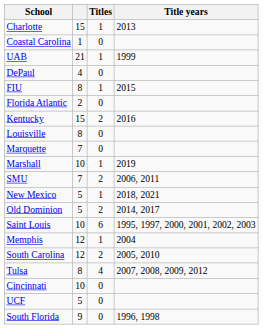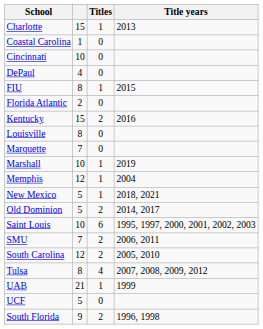 <table class="wikitable sortable">
 <tr align=center>
 <th align=left width=px>School</th>
 <th width=px></th>
 <th width=px>Titles</th>
 <th width=px>Title years</th>
 </tr>
 <tr align=center>
 <td align=left><a href='#'>Charlotte</a></td>
 <td>15</td>
 <td>1</td>
 <td align=left>2013</td>
 </tr>
 <tr align=center>
 <td align=left><a href='#'>Coastal Carolina</a></td>
 <td>1</td>
 <td>0</td>
 <td align=left></td>
 </tr>
 <tr align=center>
-<td align=left><a href='#'>UAB</a></td>
-<td>21</td>
-<td>1</td>
-<td align=left>1999</td>
+<td align=left><a href='#'>Cincinnati</a></td>
+<td>10</td>
+<td>0</td>
+<td align=left></td>
 </tr>
 <tr align=center>
 <td align=left><a href='#'>DePaul</a></td>
 <td>4</td>
 <td>0</td>
 <td align=left></td>
 </tr>
 <tr align=center>
 <td align=left><a href='#'>FIU</a></td>
 <td>8</td>
 <td>1</td>
 <td align=left>2015</td>
 </tr>
 <tr align=center>
 <td align=left><a href='#'>Florida Atlantic</a></td>
 <td>2</td>
 <td>0</td>
 <td align=left></td>
 </tr>
 <tr align=center>
 <td align=left><a href='#'>Kentucky</a></td>
 <td>15</td>
 <td>2</td>
 <td align=left>2016</td>
 </tr>
 <tr align=center>
 <td align=left><a href='#'>Louisville</a></td>
 <td>8</td>
 <td>0</td>
 <td align=left></td>
 </tr>
 <tr align=center>
 <td align=left><a href='#'>Marquette</a></td>
 <td>7</td>
 <td>0</td>
 <td align=left></td>
 </tr>
 <tr align=center>
 <td align=left><a href='#'>Marshall</a></td>
 <td>10</td>
 <td>1</td>
 <td align=left>2019</td>
 </tr>
 <tr align=center>
-<td align=left><a href='#'>SMU</a></td>
-<td>7</td>
-<td>2</td>
-<td align=left>2006, 2011</td>
+<td align=left><a href='#'>Memphis</a></td>
+<td>12</td>
+<td>1</td>
+<td align=left>2004</td>
 </tr>
 <tr align=center>
 <td align=left><a href='#'>New Mexico</a></td>
 <td>5</td>
 <td>1</td>
 <td align=left>2018, 2021</td>
 </tr>
 <tr align=center>
 <td align=left><a href='#'>Old Dominion</a></td>
 <td>5</td>
 <td>2</td>
 <td align=left>2014, 2017</td>
 </tr>
 <tr align=center>
 <td align=left><a href='#'>Saint Louis</a></td>
 <td>10</td>
 <td>6</td>
 <td align=left>1995, 1997, 2000, 2001, 2002, 2003</td>
 </tr>
 <tr align=center>
-<td align=left><a href='#'>Memphis</a></td>
-<td>12</td>
-<td>1</td>
-<td align=left>2004</td>
+<td align=left><a href='#'>SMU</a></td>
+<td>7</td>
+<td>2</td>
+<td align=left>2006, 2011</td>
 </tr>
 <tr align=center>
 <td align=left><a href='#'>South Carolina</a></td>
 <td>12</td>
 <td>2</td>
 <td align=left>2005, 2010</td>
 </tr>
 <tr align=center>
 <td align=left><a href='#'>Tulsa</a></td>
 <td>8</td>
 <td>4</td>
 <td align=left>2007, 2008, 2009, 2012</td>
 </tr>
 <tr align=center>
-<td align=left><a href='#'>Cincinnati</a></td>
-<td>10</td>
-<td>0</td>
-<td align=left></td>
+<td align=left><a href='#'>UAB</a></td>
+<td>21</td>
+<td>1</td>
+<td align=left>1999</td>
 </tr>
 <tr align=center>
 <td align=left><a href='#'>UCF</a></td>
 <td>5</td>
 <td>0</td>
 <td align=left></td>
 </tr>
 <tr align=center>
 <td align=left><a href='#'>South Florida</a></td>
 <td>9</td>
-<td>0</td>
+<td>2</td>
 <td align=left>1996, 1998</td>
 </tr>
 </table>
